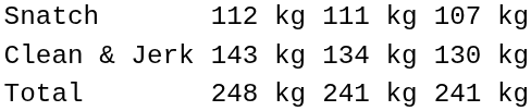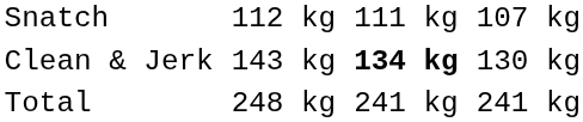 <table>
 <tr>
 <td>Snatch</td>
 <td></td>
 <td>112 kg</td>
 <td></td>
 <td>111 kg</td>
 <td></td>
 <td>107 kg</td>
 </tr>
 <tr>
 <td>Clean & Jerk</td>
 <td></td>
 <td>143 kg</td>
 <td></td>
-<td>134 kg</td>
+<td><strong>134 kg</strong></td>
 <td></td>
 <td>130 kg</td>
 </tr>
 <tr>
 <td>Total</td>
 <td></td>
 <td>248 kg</td>
 <td></td>
 <td>241 kg</td>
 <td></td>
 <td>241 kg</td>
 </tr>
 </table>
